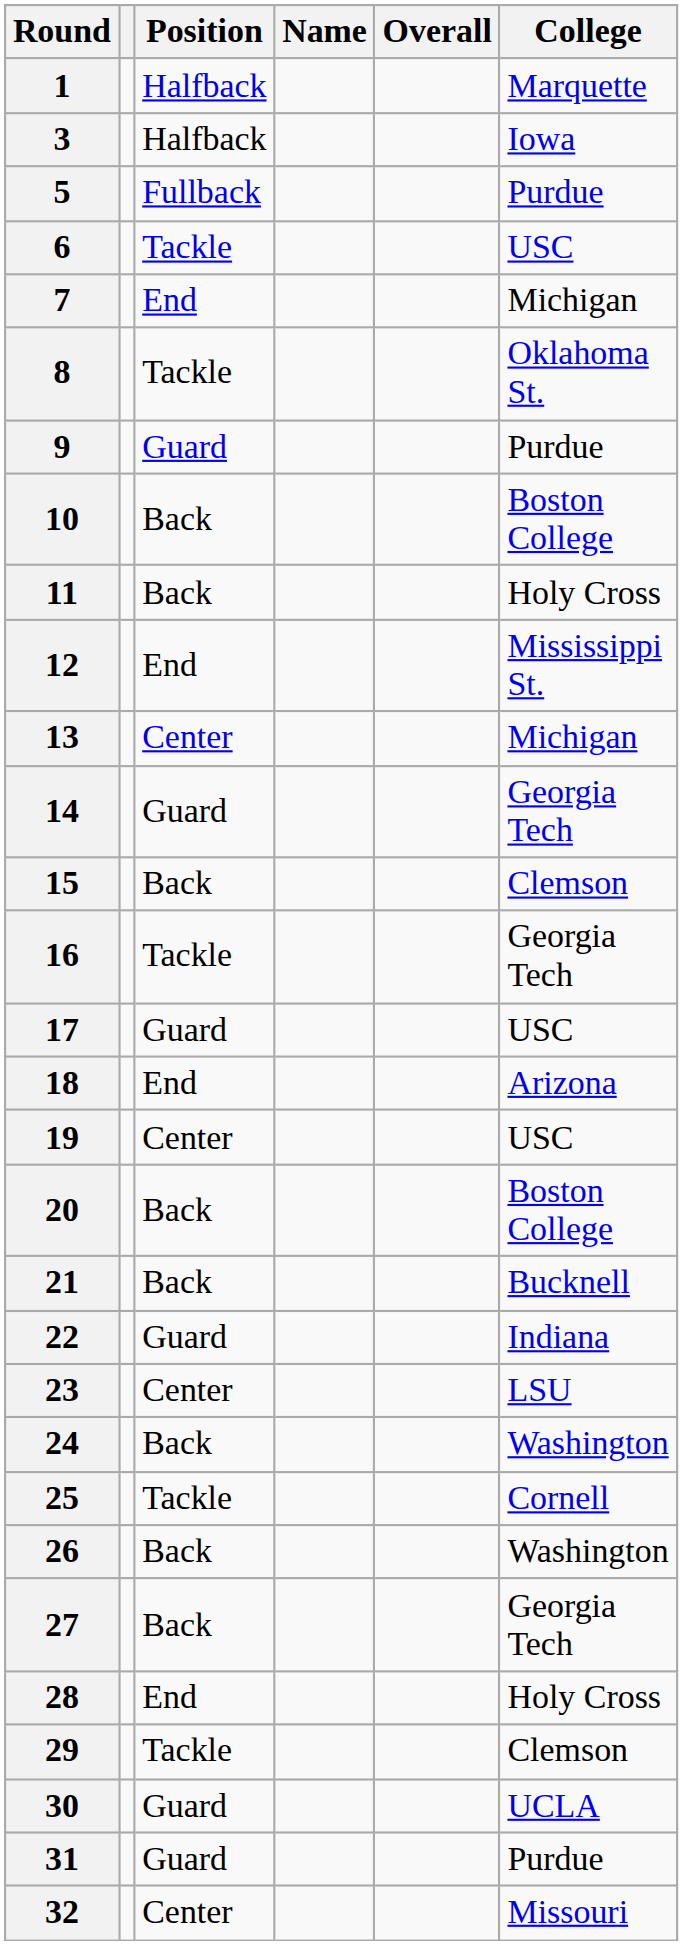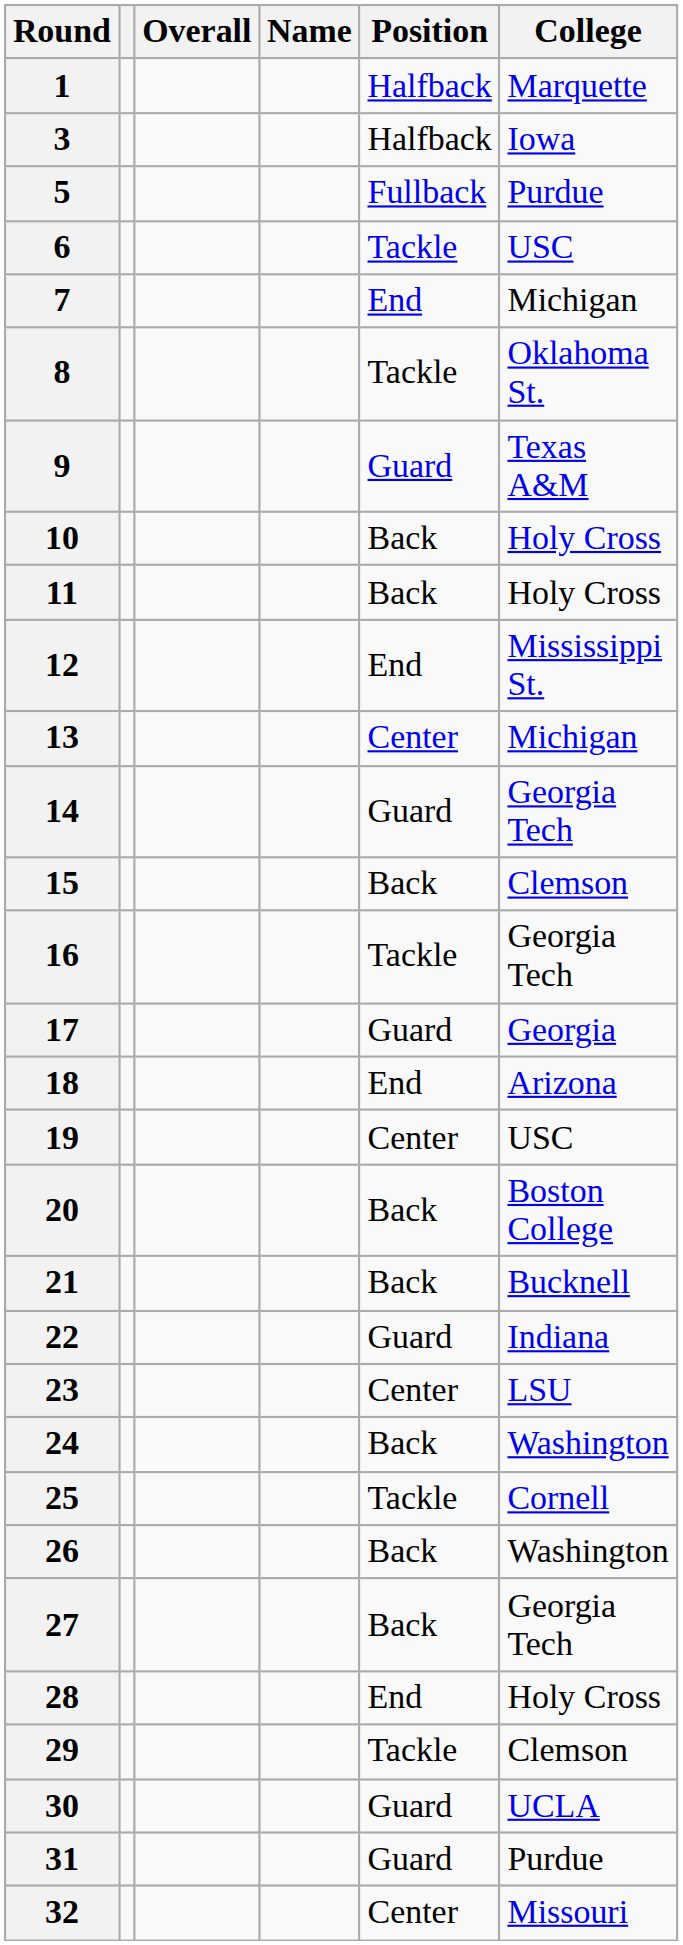 <table class="wikitable sortable" style="width: 50%;">
 <tr>
 <th scope="col" style="width: 10%;">Round</th>
 <th scope="col" style="width: 10%;"></th>
+<th scope="col" style="width: 10%;">Overall</th>
+<th scope="col" style="width: 25%;">Name</th>
 <th scope="col" style="width: 20%;">Position</th>
-<th scope="col" style="width: 25%;">Name</th>
-<th scope="col" style="width: 10%;">Overall</th>
 <th scope="col" style="width: 25%;">College</th>
 </tr>
 <tr>
 <th scope="row">1</th>
 <td></td>
-<td><a href='#'>Halfback</a></td>
 <td></td>
 <td></td>
+<td><a href='#'>Halfback</a></td>
 <td><a href='#'>Marquette</a></td>
 </tr>
 <tr>
 <th scope="row">3</th>
 <td></td>
-<td>Halfback</td>
 <td></td>
 <td></td>
+<td>Halfback</td>
 <td><a href='#'>Iowa</a></td>
 </tr>
 <tr>
 <th scope="row">5</th>
 <td></td>
-<td><a href='#'>Fullback</a></td>
 <td></td>
 <td></td>
+<td><a href='#'>Fullback</a></td>
 <td><a href='#'>Purdue</a></td>
 </tr>
 <tr>
 <th scope="row">6</th>
 <td></td>
-<td><a href='#'>Tackle</a></td>
 <td></td>
 <td></td>
+<td><a href='#'>Tackle</a></td>
 <td><a href='#'>USC</a></td>
 </tr>
 <tr>
 <th scope="row">7</th>
 <td></td>
-<td><a href='#'>End</a></td>
 <td></td>
 <td></td>
+<td><a href='#'>End</a></td>
 <td>Michigan</td>
 </tr>
 <tr>
 <th scope="row">8</th>
 <td></td>
-<td>Tackle</td>
 <td></td>
 <td></td>
+<td>Tackle</td>
 <td><a href='#'>Oklahoma St.</a></td>
 </tr>
 <tr>
 <th scope="row">9</th>
 <td></td>
-<td><a href='#'>Guard</a></td>
 <td></td>
 <td></td>
-<td>Purdue</td>
+<td><a href='#'>Guard</a></td>
+<td><a href='#'>Texas A&M</a></td>
 </tr>
 <tr>
 <th scope="row">10</th>
 <td></td>
-<td>Back</td>
 <td></td>
 <td></td>
-<td><a href='#'>Boston College</a></td>
+<td>Back</td>
+<td><a href='#'>Holy Cross</a></td>
 </tr>
 <tr>
 <th scope="row">11</th>
 <td></td>
-<td>Back</td>
 <td></td>
 <td></td>
+<td>Back</td>
 <td>Holy Cross</td>
 </tr>
 <tr>
 <th scope="row">12</th>
 <td></td>
-<td>End</td>
 <td></td>
 <td></td>
+<td>End</td>
 <td><a href='#'>Mississippi St.</a></td>
 </tr>
 <tr>
 <th scope="row">13</th>
 <td></td>
-<td><a href='#'>Center</a></td>
 <td></td>
 <td></td>
+<td><a href='#'>Center</a></td>
 <td><a href='#'>Michigan</a></td>
 </tr>
 <tr>
 <th scope="row">14</th>
 <td></td>
-<td>Guard</td>
 <td></td>
 <td></td>
+<td>Guard</td>
 <td><a href='#'>Georgia Tech</a></td>
 </tr>
 <tr>
 <th scope="row">15</th>
 <td></td>
-<td>Back</td>
 <td></td>
 <td></td>
+<td>Back</td>
 <td><a href='#'>Clemson</a></td>
 </tr>
 <tr>
 <th scope="row">16</th>
 <td></td>
-<td>Tackle</td>
 <td></td>
 <td></td>
+<td>Tackle</td>
 <td>Georgia Tech</td>
 </tr>
 <tr>
 <th scope="row">17</th>
 <td></td>
-<td>Guard</td>
 <td></td>
 <td></td>
-<td>USC</td>
+<td>Guard</td>
+<td><a href='#'>Georgia</a></td>
 </tr>
 <tr>
 <th scope="row">18</th>
 <td></td>
-<td>End</td>
 <td></td>
 <td></td>
+<td>End</td>
 <td><a href='#'>Arizona</a></td>
 </tr>
 <tr>
 <th scope="row">19</th>
 <td></td>
-<td>Center</td>
 <td></td>
 <td></td>
+<td>Center</td>
 <td>USC</td>
 </tr>
 <tr>
 <th scope="row">20</th>
 <td></td>
-<td>Back</td>
 <td></td>
 <td></td>
+<td>Back</td>
 <td><a href='#'>Boston College</a></td>
 </tr>
 <tr>
 <th scope="row">21</th>
 <td></td>
-<td>Back</td>
 <td></td>
 <td></td>
+<td>Back</td>
 <td><a href='#'>Bucknell</a></td>
 </tr>
 <tr>
 <th scope="row">22</th>
 <td></td>
-<td>Guard</td>
 <td></td>
 <td></td>
+<td>Guard</td>
 <td><a href='#'>Indiana</a></td>
 </tr>
 <tr>
 <th scope="row">23</th>
 <td></td>
-<td>Center</td>
 <td></td>
 <td></td>
+<td>Center</td>
 <td><a href='#'>LSU</a></td>
 </tr>
 <tr>
 <th scope="row">24</th>
 <td></td>
-<td>Back</td>
 <td></td>
 <td></td>
+<td>Back</td>
 <td><a href='#'>Washington</a></td>
 </tr>
 <tr>
 <th scope="row">25</th>
 <td></td>
-<td>Tackle</td>
 <td></td>
 <td></td>
+<td>Tackle</td>
 <td><a href='#'>Cornell</a></td>
 </tr>
 <tr>
 <th scope="row">26</th>
 <td></td>
-<td>Back</td>
 <td></td>
 <td></td>
+<td>Back</td>
 <td>Washington</td>
 </tr>
 <tr>
 <th scope="row">27</th>
 <td></td>
-<td>Back</td>
 <td></td>
 <td></td>
+<td>Back</td>
 <td>Georgia Tech</td>
 </tr>
 <tr>
 <th scope="row">28</th>
 <td></td>
-<td>End</td>
 <td></td>
 <td></td>
+<td>End</td>
 <td>Holy Cross</td>
 </tr>
 <tr>
 <th scope="row">29</th>
 <td></td>
-<td>Tackle</td>
 <td></td>
 <td></td>
+<td>Tackle</td>
 <td>Clemson</td>
 </tr>
 <tr>
 <th scope="row">30</th>
 <td></td>
-<td>Guard</td>
 <td></td>
 <td></td>
+<td>Guard</td>
 <td><a href='#'>UCLA</a></td>
 </tr>
 <tr>
 <th scope="row">31</th>
 <td></td>
-<td>Guard</td>
 <td></td>
 <td></td>
+<td>Guard</td>
 <td>Purdue</td>
 </tr>
 <tr>
 <th scope="row">32</th>
 <td></td>
-<td>Center</td>
 <td></td>
 <td></td>
+<td>Center</td>
 <td><a href='#'>Missouri</a></td>
 </tr>
 </table>
